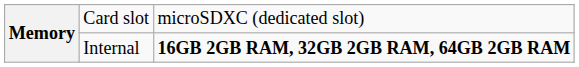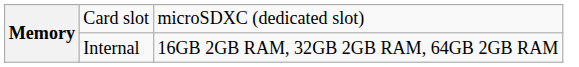 <table class="wikitable">
 <tr>
 <th rowspan="5">Memory</th>
 <td>Card slot</td>
 <td>microSDXC (dedicated slot)</td>
 </tr>
 <tr>
 <td>Internal</td>
-<td><strong>16GB 2GB RAM, 32GB 2GB RAM, 64GB 2GB RAM</strong></td>
+<td>16GB 2GB RAM, 32GB 2GB RAM, 64GB 2GB RAM</td>
 </tr>
 </table>
